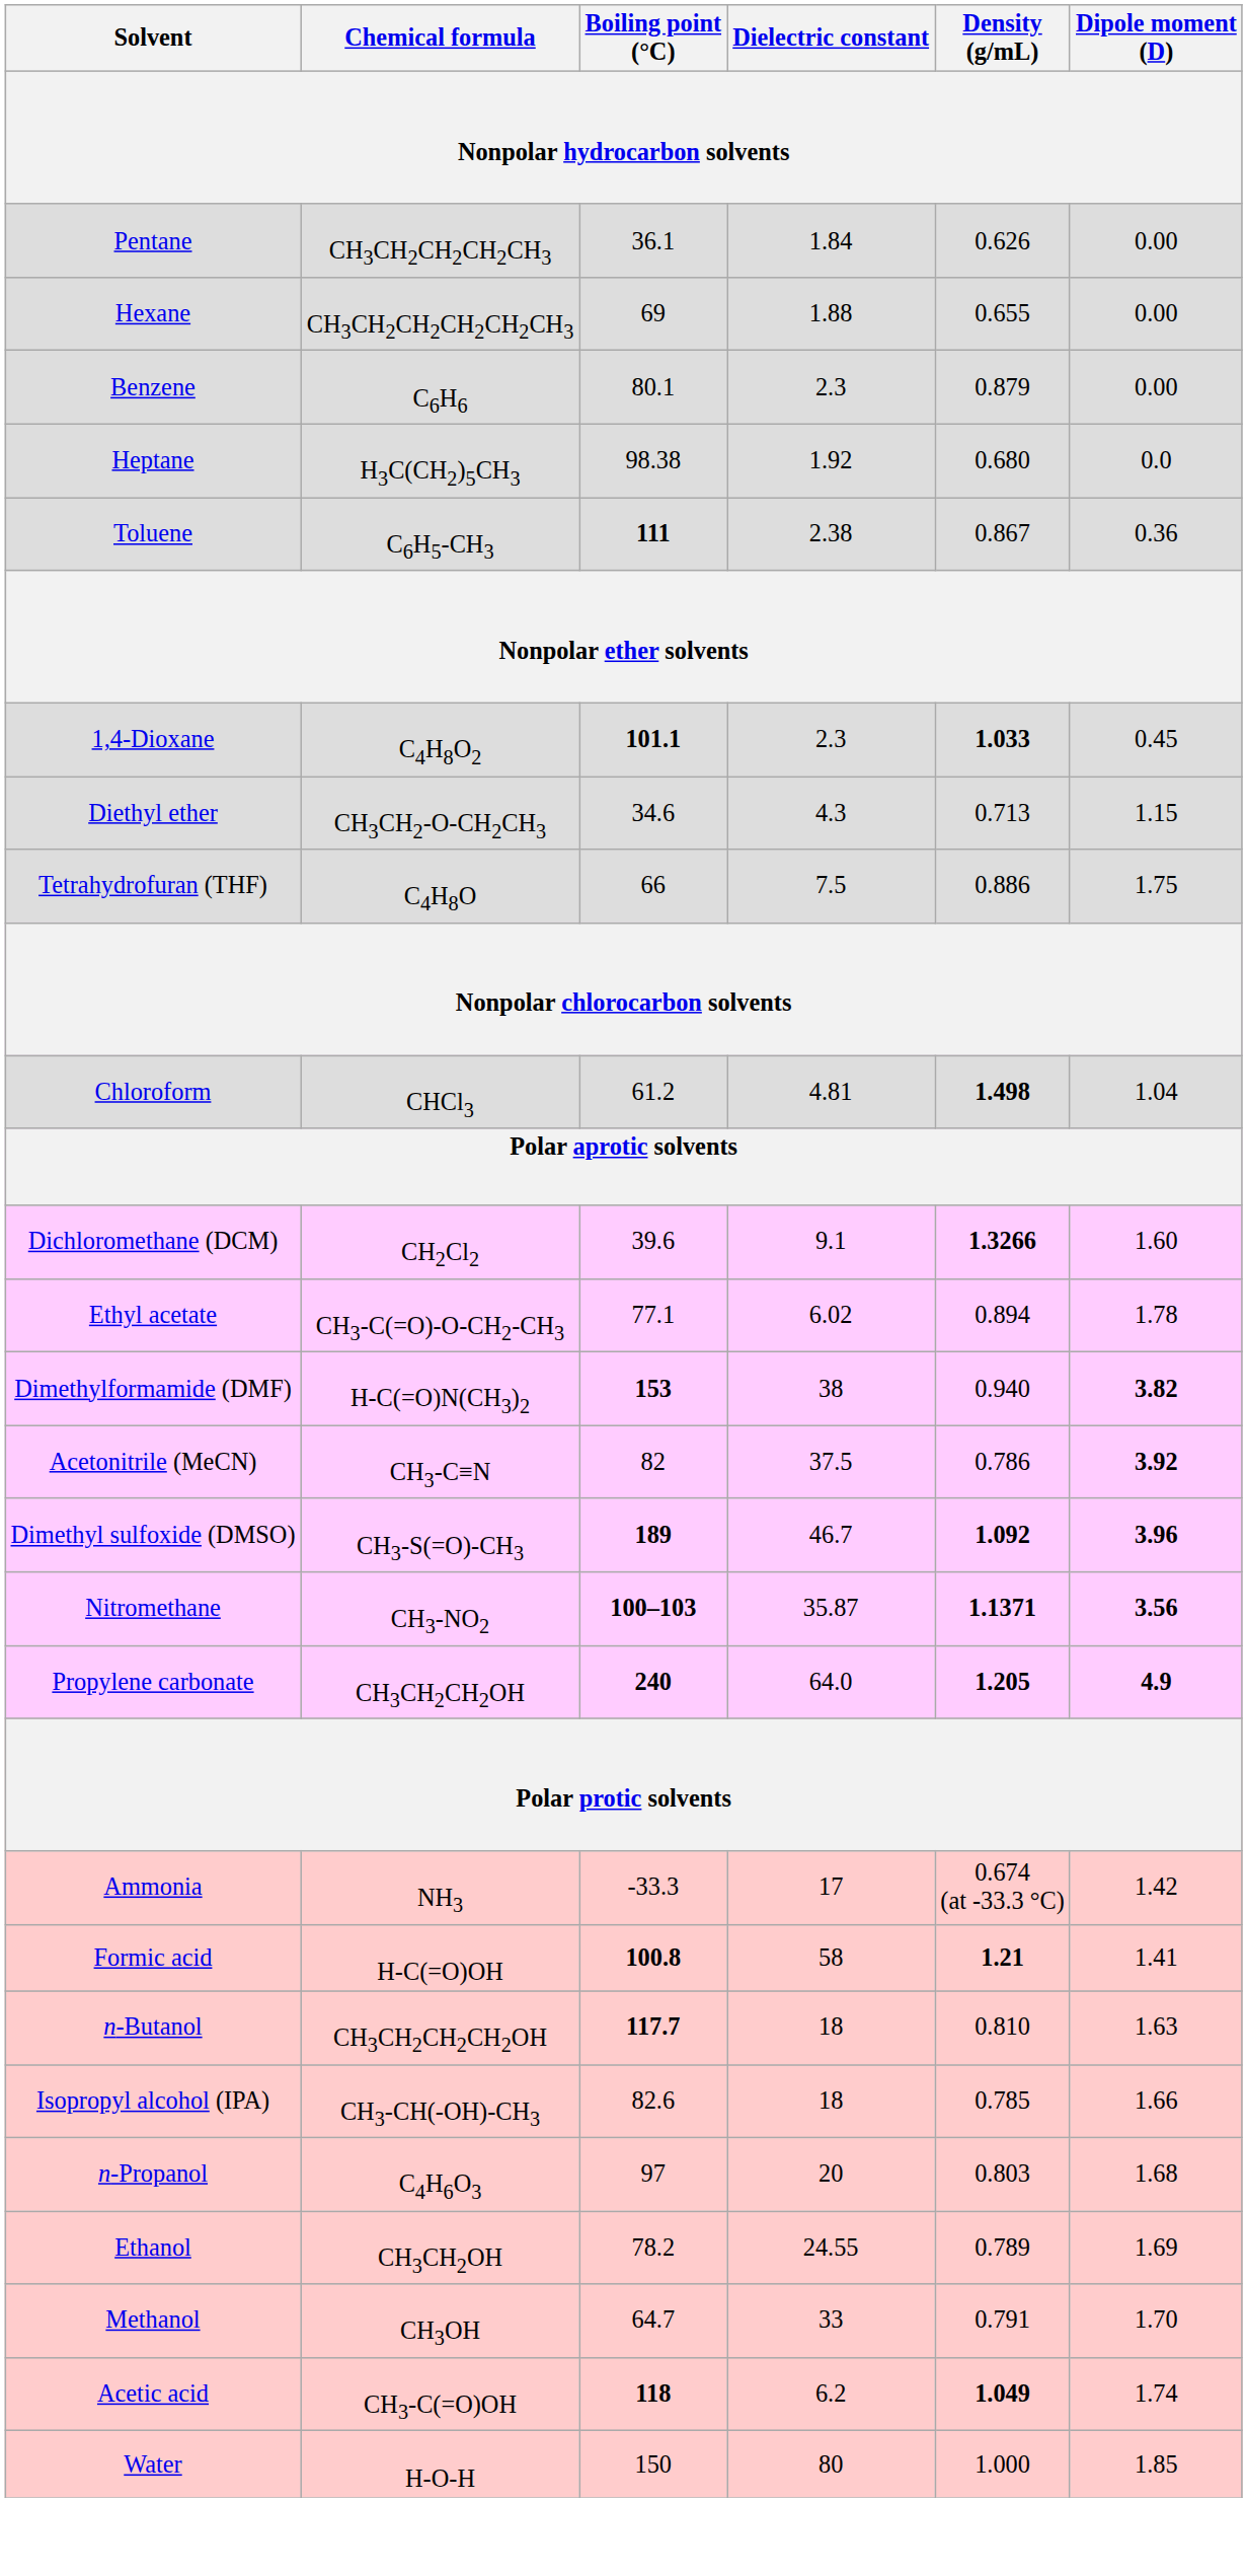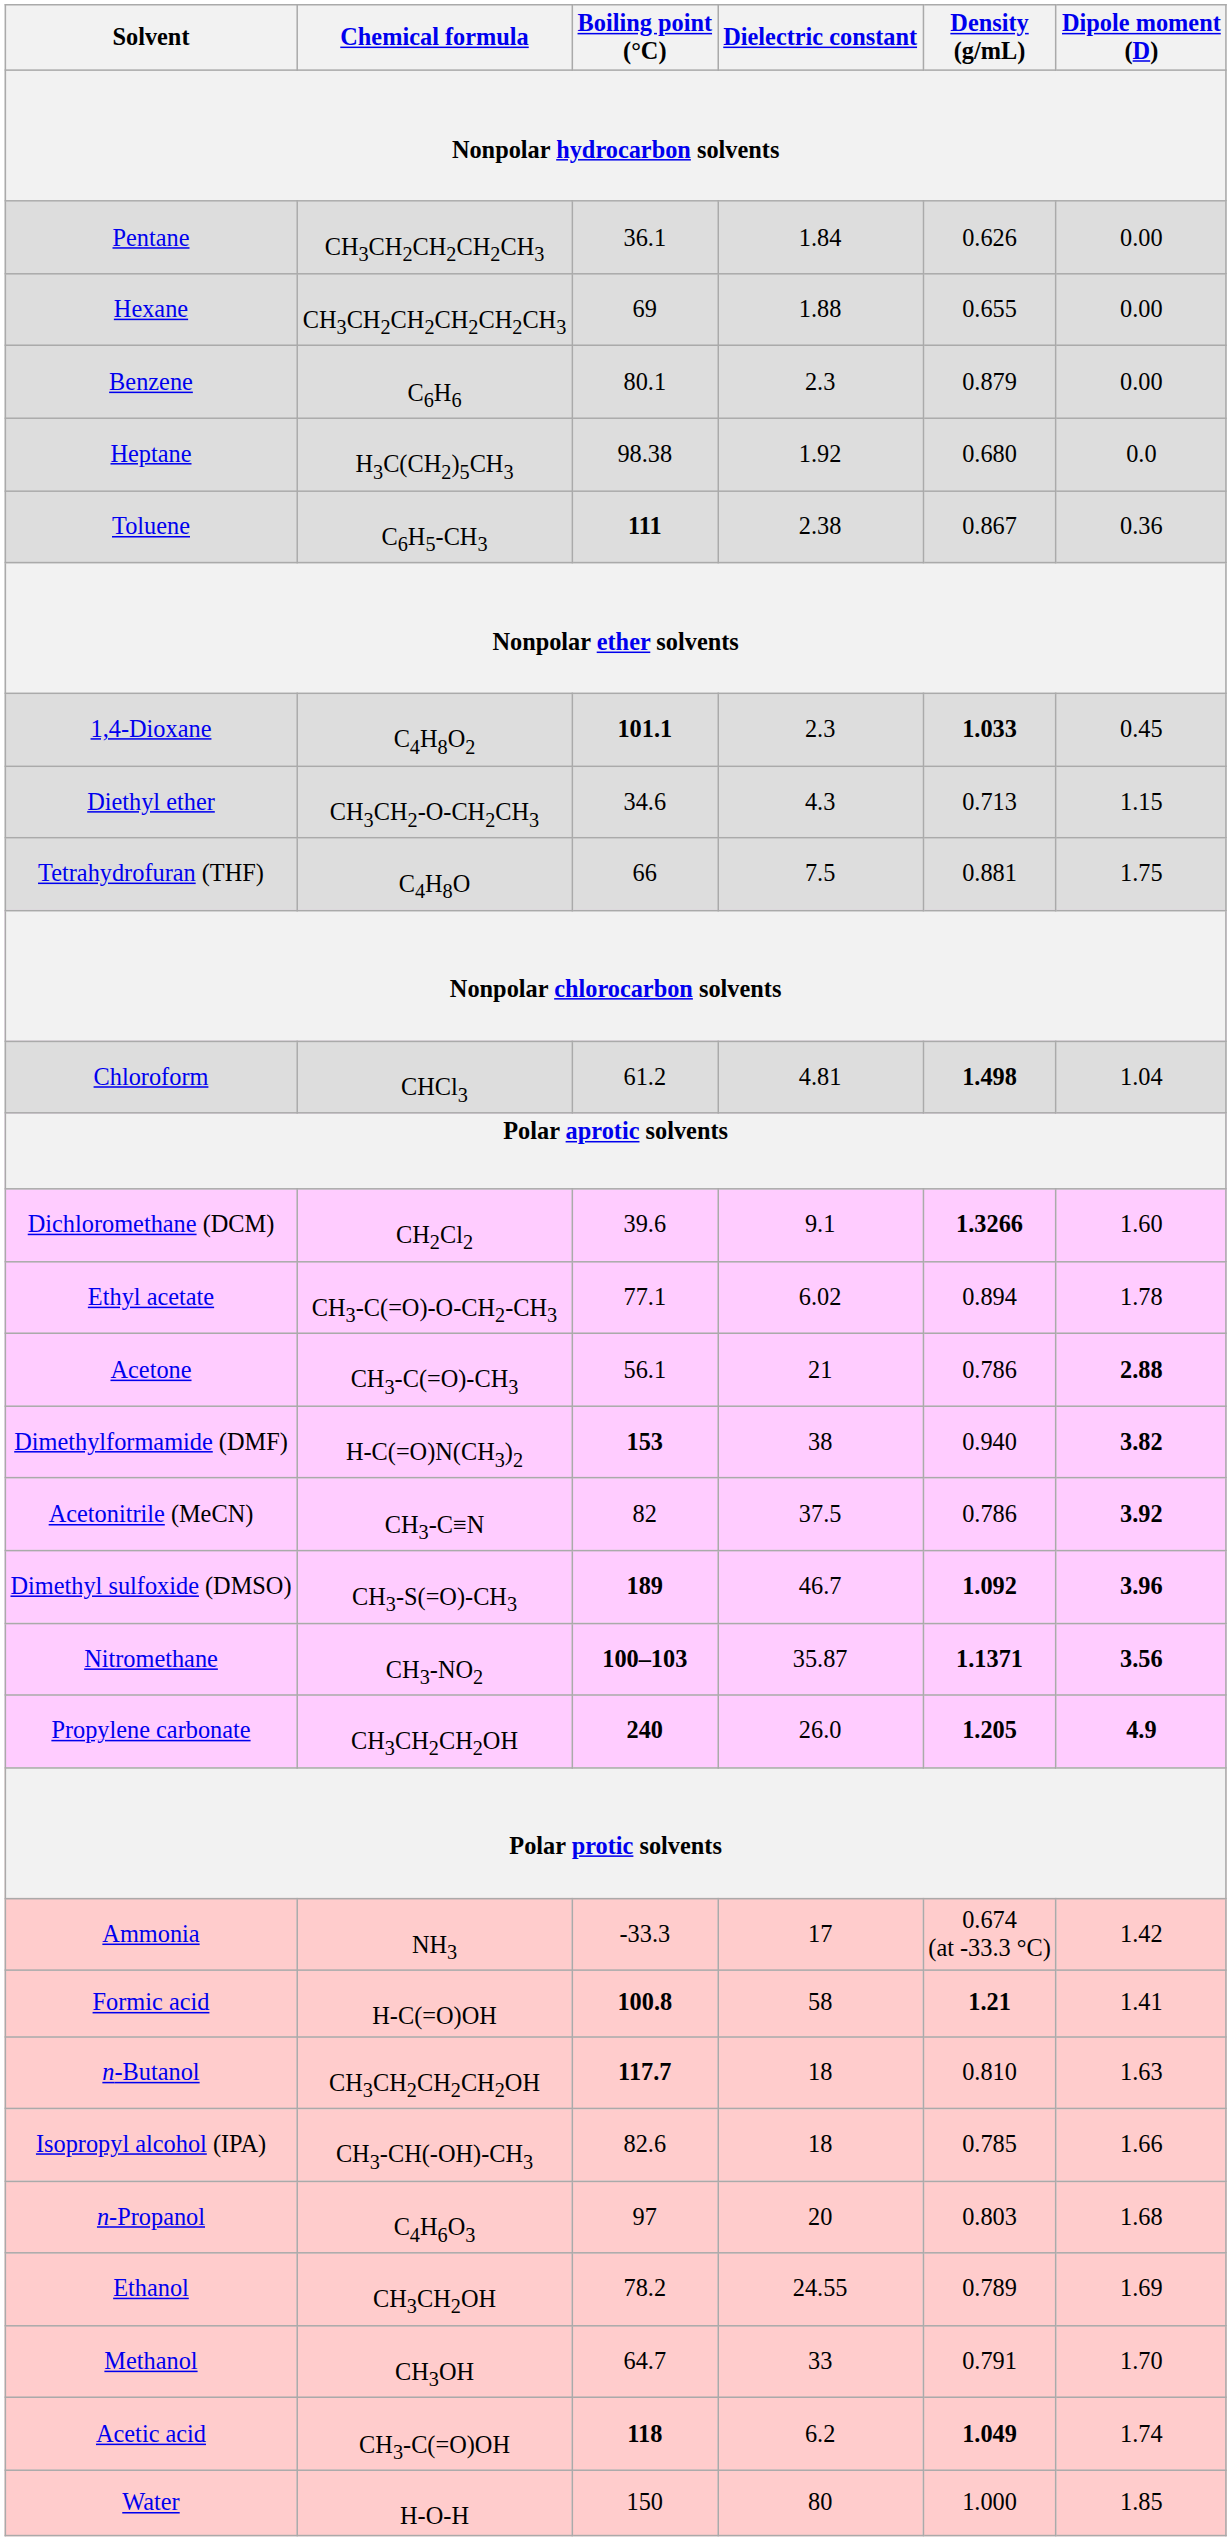 <table cellpadding="5" cellspacing="0"  style="margin:auto; text-align:center;" class="wikitable">
 <tr>
 <th>Solvent</th>
 <th><a href='#'>Chemical formula</a></th>
 <th><a href='#'>Boiling point</a><br>(°C)</th>
 <th><a href='#'>Dielectric constant</a></th>
 <th><a href='#'>Density</a><br>(g/mL)</th>
 <th><a href='#'>Dipole moment</a><br>(<a href='#'>D</a>)<br></th>
 </tr>
 <tr style="background:#ddd;height: 50px;vertical-align:top">
 <th colspan="6"><br><h4>Nonpolar <a href='#'>hydrocarbon</a> solvents</h4></th>
 </tr>
 <tr style="background:#ddd;">
 <td><a href='#'>Pentane</a></td>
 <td><br>CH<sub>3</sub>CH<sub>2</sub>CH<sub>2</sub>CH<sub>2</sub>CH<sub>3</sub></td>
 <td>36.1</td>
 <td>1.84</td>
 <td>0.626</td>
 <td>0.00</td>
 </tr>
 <tr style="background:#ddd;">
 <td><a href='#'>Hexane</a></td>
 <td><br>CH<sub>3</sub>CH<sub>2</sub>CH<sub>2</sub>CH<sub>2</sub>CH<sub>2</sub>CH<sub>3</sub></td>
 <td>69</td>
 <td>1.88</td>
 <td>0.655</td>
 <td>0.00</td>
 </tr>
 <tr style="background:#ddd;">
 <td><a href='#'>Benzene</a></td>
 <td><br>C<sub>6</sub>H<sub>6</sub></td>
 <td>80.1</td>
 <td>2.3</td>
 <td>0.879</td>
 <td>0.00</td>
 </tr>
 <tr style="background:#ddd;">
 <td><a href='#'>Heptane</a></td>
 <td><br>H<sub>3</sub>C(CH<sub>2</sub>)<sub>5</sub>CH<sub>3</sub></td>
 <td>98.38</td>
 <td>1.92</td>
 <td>0.680</td>
 <td>0.0</td>
 </tr>
 <tr style="background:#ddd;">
 <td><a href='#'>Toluene</a></td>
 <td><br>C<sub>6</sub>H<sub>5</sub>-CH<sub>3</sub></td>
 <td><strong>111</strong></td>
 <td>2.38</td>
 <td>0.867</td>
 <td>0.36</td>
 </tr>
 <tr style="background:#ddd;">
 <th colspan="6"><br><h4>Nonpolar <a href='#'>ether</a> solvents</h4></th>
 </tr>
 <tr style="background:#ddd;">
 <td><a href='#'>1,4-Dioxane</a></td>
 <td><br>C<sub>4</sub>H<sub>8</sub>O<sub>2</sub></td>
 <td><strong>101.1</strong></td>
 <td>2.3</td>
 <td><strong>1.033</strong></td>
 <td>0.45</td>
 </tr>
 <tr style="background:#ddd;">
 <td><a href='#'>Diethyl ether</a></td>
 <td><br>CH<sub>3</sub>CH<sub>2</sub>-O-CH<sub>2</sub>CH<sub>3</sub></td>
 <td>34.6</td>
 <td>4.3</td>
 <td>0.713</td>
 <td>1.15</td>
 </tr>
 <tr style="background:#ddd;">
 <td><a href='#'>Tetrahydrofuran</a> (THF)</td>
 <td><br>C<sub>4</sub>H<sub>8</sub>O</td>
 <td>66</td>
 <td>7.5</td>
-<td>0.886</td>
+<td>0.881</td>
 <td>1.75</td>
 </tr>
 <tr style="background:#fcf;">
 <th colspan="6"><br><h4>Nonpolar <a href='#'>chlorocarbon</a> solvents</h4></th>
 </tr>
 <tr style="background:#ddd;">
 <td><a href='#'>Chloroform</a></td>
 <td><br>CHCl<sub>3</sub></td>
 <td>61.2</td>
 <td>4.81</td>
 <td><strong>1.498</strong></td>
 <td>1.04</td>
 </tr>
 <tr style="background:#fcf;height: 50px;vertical-align:top">
 <th colspan="6">Polar <a href='#'>aprotic</a> solvents</th>
 </tr>
 <tr style="background:#fcf;">
 <td><a href='#'>Dichloromethane</a> (DCM)</td>
 <td><br>CH<sub>2</sub>Cl<sub>2</sub></td>
 <td>39.6</td>
 <td>9.1</td>
 <td><strong>1.3266</strong></td>
 <td>1.60</td>
 </tr>
 <tr style="background:#fcf;">
 <td><a href='#'>Ethyl acetate</a></td>
 <td><br>CH<sub>3</sub>-C(=O)-O-CH<sub>2</sub>-CH<sub>3</sub></td>
 <td>77.1</td>
 <td>6.02</td>
 <td>0.894</td>
 <td>1.78</td>
+</tr>
+<tr style="background:#fcf;">
+<td><a href='#'>Acetone</a></td>
+<td><br>CH<sub>3</sub>-C(=O)-CH<sub>3</sub></td>
+<td>56.1</td>
+<td>21</td>
+<td>0.786</td>
+<td><strong>2.88</strong></td>
 </tr>
 <tr style="background:#fcf;">
 <td><a href='#'>Dimethylformamide</a> (DMF)</td>
 <td><br>H-C(=O)N(CH<sub>3</sub>)<sub>2</sub></td>
 <td><strong>153</strong></td>
 <td>38</td>
 <td>0.940</td>
 <td><strong>3.82</strong></td>
 </tr>
 <tr style="background:#fcf;">
 <td><a href='#'>Acetonitrile</a> (MeCN)</td>
 <td><br>CH<sub>3</sub>-C≡N</td>
 <td>82</td>
 <td>37.5</td>
 <td>0.786</td>
 <td><strong>3.92</strong></td>
 </tr>
 <tr style="background:#fcf;">
 <td><a href='#'>Dimethyl sulfoxide</a> (DMSO)</td>
 <td><br>CH<sub>3</sub>-S(=O)-CH<sub>3</sub></td>
 <td><strong>189</strong></td>
 <td>46.7</td>
 <td><strong>1.092</strong></td>
 <td><strong>3.96</strong></td>
 </tr>
 <tr style="background:#fcf;">
 <td><a href='#'>Nitromethane</a></td>
 <td><br>CH<sub>3</sub>-NO<sub>2</sub></td>
 <td><strong>100–103</strong></td>
 <td>35.87</td>
 <td><strong>1.1371</strong></td>
 <td><strong>3.56</strong></td>
 </tr>
 <tr style="background:#fcf;">
 <td><a href='#'>Propylene carbonate</a></td>
 <td><br>CH<sub>3</sub>CH<sub>2</sub>CH<sub>2</sub>OH</td>
 <td><strong>240</strong></td>
-<td>64.0</td>
+<td>26.0</td>
 <td><strong>1.205</strong></td>
 <td><strong>4.9</strong><br></td>
 </tr>
 <tr style="background:#fcc;height: 50px;vertical-align:top">
 <th colspan="6"><br><h4>Polar <a href='#'>protic</a> solvents</h4></th>
 </tr>
 <tr style="background:#fcc;">
 <td><a href='#'>Ammonia</a></td>
 <td><br>NH<sub>3</sub></td>
 <td>-33.3</td>
 <td>17</td>
 <td>0.674<br>(at -33.3 °C)</td>
 <td>1.42</td>
 </tr>
 <tr style="background:#fcc;">
 <td><a href='#'>Formic acid</a></td>
 <td><br>H-C(=O)OH</td>
 <td><strong>100.8</strong></td>
 <td>58</td>
 <td><strong>1.21</strong></td>
 <td>1.41</td>
 </tr>
 <tr style="background:#fcc;">
 <td><a href='#'><em>n</em>-Butanol</a></td>
 <td><br>CH<sub>3</sub>CH<sub>2</sub>CH<sub>2</sub>CH<sub>2</sub>OH</td>
 <td><strong>117.7</strong></td>
 <td>18</td>
 <td>0.810</td>
 <td>1.63</td>
 </tr>
 <tr style="background:#fcc;">
 <td><a href='#'>Isopropyl alcohol</a> (IPA)</td>
 <td><br>CH<sub>3</sub>-CH(-OH)-CH<sub>3</sub></td>
 <td>82.6</td>
 <td>18</td>
 <td>0.785</td>
 <td>1.66</td>
 </tr>
 <tr style="background:#fcc;">
 <td><a href='#'><em>n</em>-Propanol</a></td>
 <td><br>C<sub>4</sub>H<sub>6</sub>O<sub>3</sub></td>
 <td>97</td>
 <td>20</td>
 <td>0.803</td>
 <td>1.68</td>
 </tr>
 <tr style="background:#fcc;">
 <td><a href='#'>Ethanol</a></td>
 <td><br>CH<sub>3</sub>CH<sub>2</sub>OH</td>
 <td>78.2</td>
 <td>24.55</td>
 <td>0.789</td>
 <td>1.69</td>
 </tr>
 <tr style="background:#fcc;">
 <td><a href='#'>Methanol</a></td>
 <td><br>CH<sub>3</sub>OH</td>
 <td>64.7</td>
 <td>33</td>
 <td>0.791</td>
 <td>1.70</td>
 </tr>
 <tr style="background:#fcc;">
 <td><a href='#'>Acetic acid</a></td>
 <td><br>CH<sub>3</sub>-C(=O)OH</td>
 <td><strong>118</strong></td>
 <td>6.2</td>
 <td><strong>1.049</strong></td>
 <td>1.74</td>
 </tr>
 <tr style="background:#fcc;">
 <td><a href='#'>Water</a></td>
 <td><br>H-O-H</td>
 <td>150</td>
 <td>80</td>
 <td>1.000</td>
 <td>1.85</td>
 </tr>
 </table>
